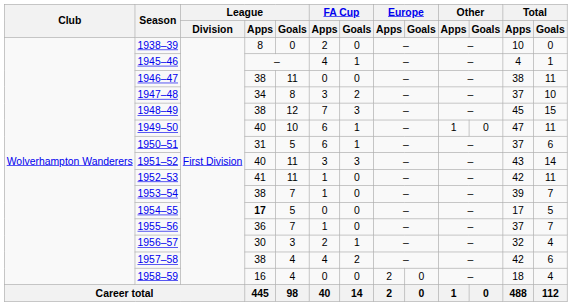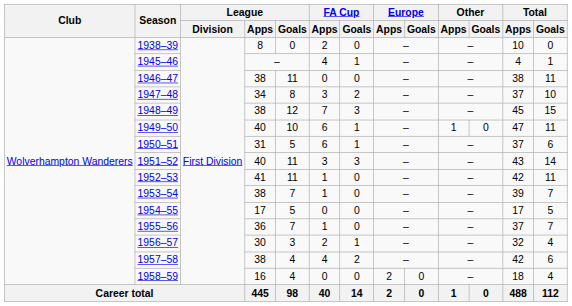 <table class="wikitable" style="text-align:center">
 <tr>
 <th rowspan="2">Club</th>
 <th rowspan="2">Season</th>
 <th colspan="3">League</th>
 <th colspan="2"><a href='#'>FA Cup</a></th>
 <th colspan="2"><a href='#'>Europe</a></th>
 <th colspan="2">Other</th>
 <th colspan="2">Total</th>
 </tr>
 <tr>
 <th>Division</th>
 <th>Apps</th>
 <th>Goals</th>
 <th>Apps</th>
 <th>Goals</th>
 <th>Apps</th>
 <th>Goals</th>
 <th>Apps</th>
 <th>Goals</th>
 <th>Apps</th>
 <th>Goals</th>
 </tr>
 <tr>
 <td rowspan="15"><a href='#'>Wolverhampton Wanderers</a></td>
 <td><a href='#'>1938–39</a></td>
 <td rowspan="15"><a href='#'>First Division</a></td>
 <td>8</td>
 <td>0</td>
 <td>2</td>
 <td>0</td>
 <td colspan="2">–</td>
 <td colspan="2">–</td>
 <td>10</td>
 <td>0</td>
 </tr>
 <tr>
 <td><a href='#'>1945–46</a></td>
 <td colspan="2">–</td>
 <td>4</td>
 <td>1</td>
 <td colspan="2">–</td>
 <td colspan="2">–</td>
 <td>4</td>
 <td>1</td>
 </tr>
 <tr>
 <td><a href='#'>1946–47</a></td>
 <td>38</td>
 <td>11</td>
 <td>0</td>
 <td>0</td>
 <td colspan="2">–</td>
 <td colspan="2">–</td>
 <td>38</td>
 <td>11</td>
 </tr>
 <tr>
 <td><a href='#'>1947–48</a></td>
 <td>34</td>
 <td>8</td>
 <td>3</td>
 <td>2</td>
 <td colspan="2">–</td>
 <td colspan="2">–</td>
 <td>37</td>
 <td>10</td>
 </tr>
 <tr>
 <td><a href='#'>1948–49</a></td>
 <td>38</td>
 <td>12</td>
 <td>7</td>
 <td>3</td>
 <td colspan="2">–</td>
 <td colspan="2">–</td>
 <td>45</td>
 <td>15</td>
 </tr>
 <tr>
 <td><a href='#'>1949–50</a></td>
 <td>40</td>
 <td>10</td>
 <td>6</td>
 <td>1</td>
 <td colspan="2">–</td>
 <td>1</td>
 <td>0</td>
 <td>47</td>
 <td>11</td>
 </tr>
 <tr>
 <td><a href='#'>1950–51</a></td>
 <td>31</td>
 <td>5</td>
 <td>6</td>
 <td>1</td>
 <td colspan="2">–</td>
 <td colspan="2">–</td>
 <td>37</td>
 <td>6</td>
 </tr>
 <tr>
 <td><a href='#'>1951–52</a></td>
 <td>40</td>
 <td>11</td>
 <td>3</td>
 <td>3</td>
 <td colspan="2">–</td>
 <td colspan="2">–</td>
 <td>43</td>
 <td>14</td>
 </tr>
 <tr>
 <td><a href='#'>1952–53</a></td>
 <td>41</td>
 <td>11</td>
 <td>1</td>
 <td>0</td>
 <td colspan="2">–</td>
 <td colspan="2">–</td>
 <td>42</td>
 <td>11</td>
 </tr>
 <tr>
 <td><a href='#'>1953–54</a></td>
 <td>38</td>
 <td>7</td>
 <td>1</td>
 <td>0</td>
 <td colspan="2">–</td>
 <td colspan="2">–</td>
 <td>39</td>
 <td>7</td>
 </tr>
 <tr>
 <td><a href='#'>1954–55</a></td>
-<td><strong>17</strong></td>
+<td>17</td>
 <td>5</td>
 <td>0</td>
 <td>0</td>
 <td colspan="2">–</td>
 <td colspan="2">–</td>
 <td>17</td>
 <td>5</td>
 </tr>
 <tr>
 <td><a href='#'>1955–56</a></td>
 <td>36</td>
 <td>7</td>
 <td>1</td>
 <td>0</td>
 <td colspan="2">–</td>
 <td colspan="2">–</td>
 <td>37</td>
 <td>7</td>
 </tr>
 <tr>
 <td><a href='#'>1956–57</a></td>
 <td>30</td>
 <td>3</td>
 <td>2</td>
 <td>1</td>
 <td colspan="2">–</td>
 <td colspan="2">–</td>
 <td>32</td>
 <td>4</td>
 </tr>
 <tr>
 <td><a href='#'>1957–58</a></td>
 <td>38</td>
 <td>4</td>
 <td>4</td>
 <td>2</td>
 <td colspan="2">–</td>
 <td colspan="2">–</td>
 <td>42</td>
 <td>6</td>
 </tr>
 <tr>
 <td><a href='#'>1958–59</a></td>
 <td>16</td>
 <td>4</td>
 <td>0</td>
 <td>0</td>
 <td>2</td>
 <td>0</td>
 <td colspan="2">–</td>
 <td>18</td>
 <td>4</td>
 </tr>
 <tr>
 <th colspan="3">Career total</th>
 <th>445</th>
 <th>98</th>
 <th>40</th>
 <th>14</th>
 <th>2</th>
 <th>0</th>
 <th>1</th>
 <th>0</th>
 <th>488</th>
 <th>112</th>
 </tr>
 </table>
